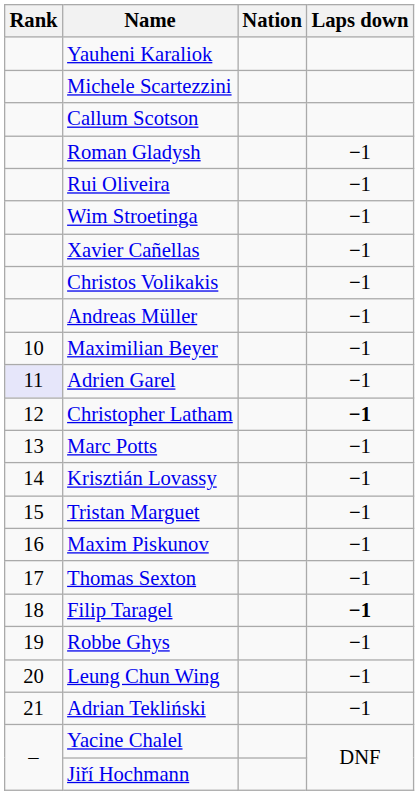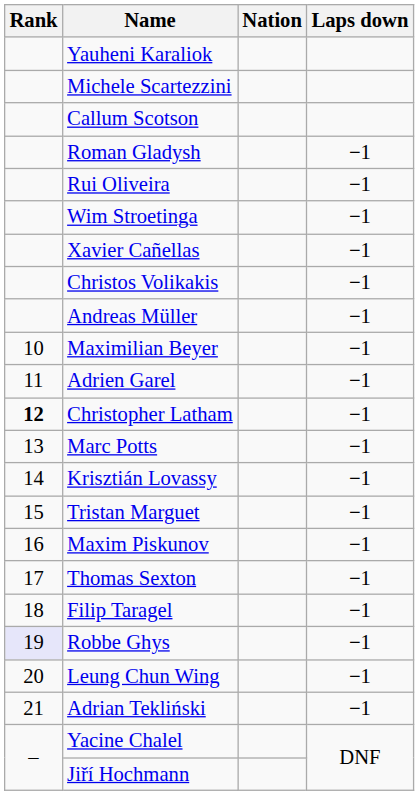 <table class="wikitable sortable" style="text-align:center">
 <tr>
 <th>Rank</th>
 <th>Name</th>
 <th>Nation</th>
 <th>Laps down</th>
 </tr>
 <tr>
 <td></td>
 <td align="left"><a href='#'>Yauheni Karaliok</a></td>
 <td align="left"></td>
 <td></td>
 </tr>
 <tr>
 <td></td>
 <td align="left"><a href='#'>Michele Scartezzini</a></td>
 <td align="left"></td>
 <td></td>
 </tr>
 <tr>
 <td></td>
 <td align="left"><a href='#'>Callum Scotson</a></td>
 <td align="left"></td>
 <td></td>
 </tr>
 <tr>
 <td></td>
 <td align="left"><a href='#'>Roman Gladysh</a></td>
 <td align="left"></td>
 <td>−1</td>
 </tr>
 <tr>
 <td></td>
 <td align="left"><a href='#'>Rui Oliveira</a></td>
 <td align="left"></td>
 <td>−1</td>
 </tr>
 <tr>
 <td></td>
 <td align="left"><a href='#'>Wim Stroetinga</a></td>
 <td align="left"></td>
 <td>−1</td>
 </tr>
 <tr>
 <td></td>
 <td align="left"><a href='#'>Xavier Cañellas</a></td>
 <td align="left"></td>
 <td>−1</td>
 </tr>
 <tr>
 <td></td>
 <td align="left"><a href='#'>Christos Volikakis</a></td>
 <td align="left"></td>
 <td>−1</td>
 </tr>
 <tr>
 <td></td>
 <td align="left"><a href='#'>Andreas Müller</a></td>
 <td align="left"></td>
 <td>−1</td>
 </tr>
 <tr>
 <td>10</td>
 <td align="left"><a href='#'>Maximilian Beyer</a></td>
 <td align="left"></td>
 <td>−1</td>
 </tr>
 <tr>
-<td style="background: lavender;">11</td>
+<td>11</td>
 <td align="left"><a href='#'>Adrien Garel</a></td>
 <td align="left"></td>
 <td>−1</td>
 </tr>
 <tr>
-<td>12</td>
+<td><strong>12</strong></td>
 <td align="left"><a href='#'>Christopher Latham</a></td>
 <td align="left"></td>
-<td><strong>−1</strong></td>
+<td>−1</td>
 </tr>
 <tr>
 <td>13</td>
 <td align="left"><a href='#'>Marc Potts</a></td>
 <td align="left"></td>
 <td>−1</td>
 </tr>
 <tr>
 <td>14</td>
 <td align="left"><a href='#'>Krisztián Lovassy</a></td>
 <td align="left"></td>
 <td>−1</td>
 </tr>
 <tr>
 <td>15</td>
 <td align="left"><a href='#'>Tristan Marguet</a></td>
 <td align="left"></td>
 <td>−1</td>
 </tr>
 <tr>
 <td>16</td>
 <td align="left"><a href='#'>Maxim Piskunov</a></td>
 <td align="left"></td>
 <td>−1</td>
 </tr>
 <tr>
 <td>17</td>
 <td align="left"><a href='#'>Thomas Sexton</a></td>
 <td align="left"></td>
 <td>−1</td>
 </tr>
 <tr>
 <td>18</td>
 <td align="left"><a href='#'>Filip Taragel</a></td>
 <td align="left"></td>
-<td><strong>−1</strong></td>
+<td>−1</td>
 </tr>
 <tr>
-<td>19</td>
+<td style="background: lavender;">19</td>
 <td align="left"><a href='#'>Robbe Ghys</a></td>
 <td align="left"></td>
 <td>−1</td>
 </tr>
 <tr>
 <td>20</td>
 <td align="left"><a href='#'>Leung Chun Wing</a></td>
 <td align="left"></td>
 <td>−1</td>
 </tr>
 <tr>
 <td>21</td>
 <td align="left"><a href='#'>Adrian Tekliński</a></td>
 <td align="left"></td>
 <td>−1</td>
 </tr>
 <tr>
 <td rowspan="2">–</td>
 <td align="left"><a href='#'>Yacine Chalel</a></td>
 <td align="left"></td>
 <td colspan="2" rowspan="2">DNF</td>
 </tr>
 <tr>
 <td align="left"><a href='#'>Jiří Hochmann</a></td>
 <td align="left"></td>
 </tr>
 </table>
